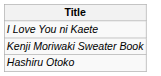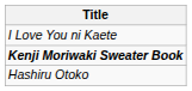 <table class="wikitable">
 <tr>
 <th>Title</th>
 </tr>
 <tr>
 <td><em>I Love You ni Kaete</em></td>
 </tr>
 <tr>
-<td><em>Kenji Moriwaki Sweater Book</em></td>
+<td><strong><em>Kenji Moriwaki Sweater Book</em></strong></td>
 </tr>
 <tr>
 <td><em>Hashiru Otoko</em></td>
 </tr>
 </table>
